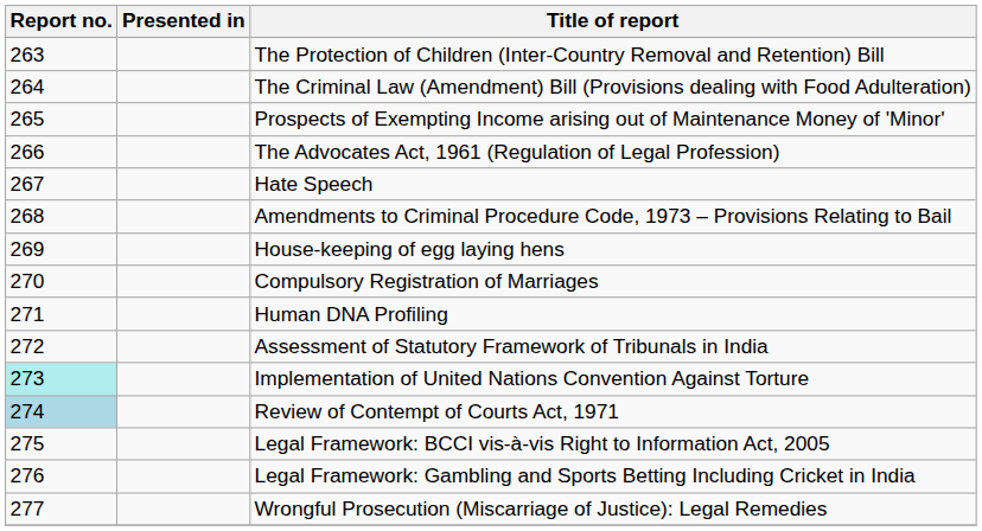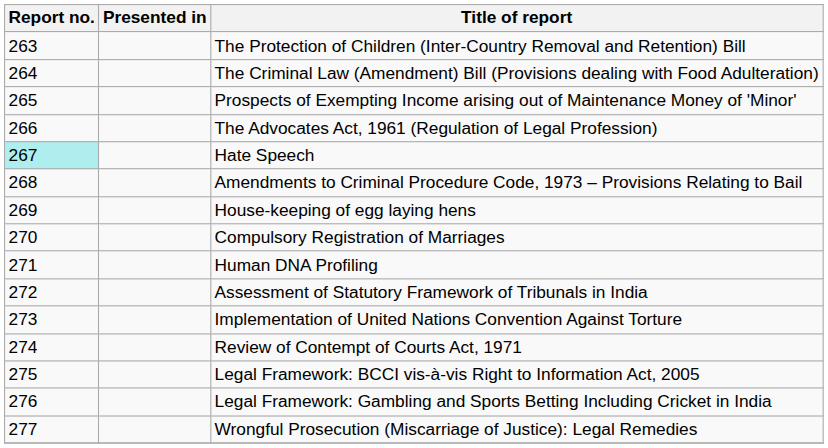 <table class="wikitable">
 <tr>
 <th>Report no.</th>
 <th>Presented in</th>
 <th>Title of report</th>
 </tr>
 <tr>
 <td>263</td>
 <td></td>
 <td>The Protection of Children (Inter-Country Removal and Retention) Bill</td>
 </tr>
 <tr>
 <td>264</td>
 <td></td>
 <td>The Criminal Law (Amendment) Bill (Provisions dealing with Food Adulteration)</td>
 </tr>
 <tr>
 <td>265</td>
 <td></td>
 <td>Prospects of Exempting Income arising out of Maintenance Money of 'Minor'</td>
 </tr>
 <tr>
 <td>266</td>
 <td></td>
 <td>The Advocates Act, 1961 (Regulation of Legal Profession)</td>
 </tr>
 <tr>
-<td>267</td>
+<td style="background: paleturquoise;">267</td>
 <td></td>
 <td>Hate Speech</td>
 </tr>
 <tr>
 <td>268</td>
 <td></td>
 <td>Amendments to Criminal Procedure Code, 1973 – Provisions Relating to Bail</td>
 </tr>
 <tr>
 <td>269</td>
 <td></td>
 <td>House-keeping of egg laying hens</td>
 </tr>
 <tr>
 <td>270</td>
 <td></td>
 <td>Compulsory Registration of Marriages</td>
 </tr>
 <tr>
 <td>271</td>
 <td></td>
 <td>Human DNA Profiling</td>
 </tr>
 <tr>
 <td>272</td>
 <td></td>
 <td>Assessment of Statutory Framework of Tribunals in India</td>
 </tr>
 <tr>
-<td style="background: paleturquoise;">273</td>
+<td>273</td>
 <td></td>
 <td>Implementation of United Nations Convention Against Torture</td>
 </tr>
 <tr>
-<td style="background: lightblue;">274</td>
+<td>274</td>
 <td></td>
 <td>Review of Contempt of Courts Act, 1971</td>
 </tr>
 <tr>
 <td>275</td>
 <td></td>
 <td>Legal Framework: BCCI vis-à-vis Right to Information Act, 2005</td>
 </tr>
 <tr>
 <td>276</td>
 <td></td>
 <td>Legal Framework: Gambling and Sports Betting Including Cricket in India</td>
 </tr>
 <tr>
 <td>277</td>
 <td></td>
 <td>Wrongful Prosecution (Miscarriage of Justice): Legal Remedies</td>
 </tr>
 <tr>
 </tr>
 </table>
